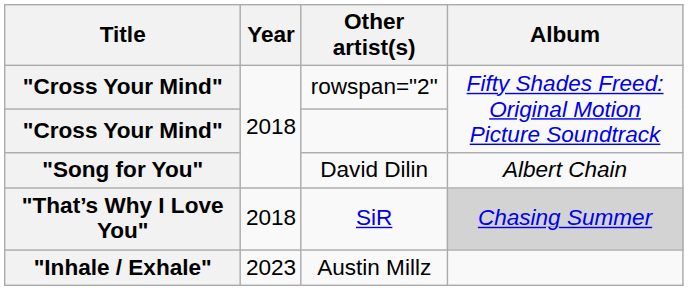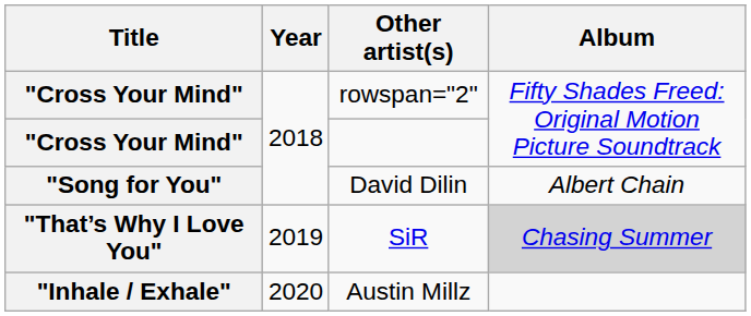 <table class="wikitable plainrowheaders" style="text-align:center;">
 <tr>
 <th scope="col" style="width:10em;">Title</th>
 <th scope="col" style="width:1em;">Year</th>
 <th scope="col" style="width:6em;">Other artist(s)</th>
 <th scope="col" style="width:10em;">Album</th>
 </tr>
 <tr>
 <th scope="row">"Cross Your Mind"</th>
 <td rowspan="3">2018</td>
 <td>rowspan="2" </td>
 <td rowspan="2"><em><a href='#'>Fifty Shades Freed: Original Motion Picture Soundtrack</a></em></td>
 </tr>
 <tr>
 <th scope="row">"Cross Your Mind" </th>
 </tr>
 <tr>
 <th scope="row">"Song for You"</th>
 <td>David Dilin</td>
 <td><em>Albert Chain</em></td>
 </tr>
 <tr>
 <th scope="row">"That’s Why I Love You"</th>
-<td>2018</td>
+<td>2019</td>
 <td><a href='#'>SiR</a></td>
 <td style="background: lightgrey;"><em><a href='#'>Chasing Summer</a></em></td>
 </tr>
 <tr>
 <th scope="row">"Inhale / Exhale"</th>
-<td>2023</td>
+<td>2020</td>
 <td>Austin Millz</td>
 <td></td>
 </tr>
 </table>
